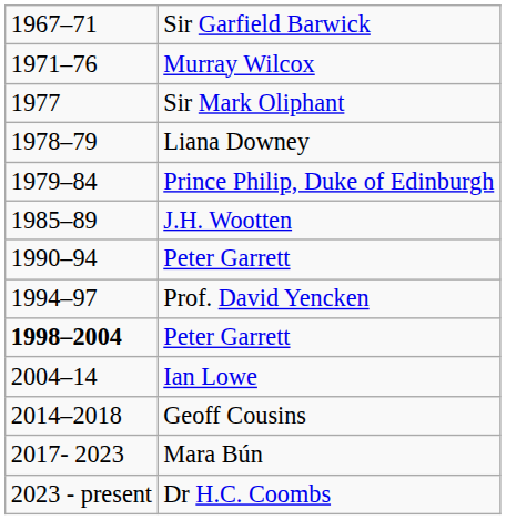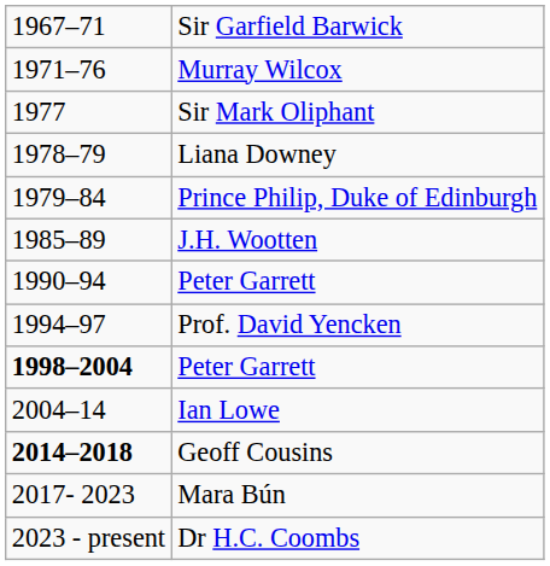 <table class="wikitable">
 <tr>
 <td>1967–71</td>
 <td>Sir <a href='#'>Garfield Barwick</a></td>
 </tr>
 <tr>
 <td>1971–76</td>
 <td><a href='#'>Murray Wilcox</a></td>
 </tr>
 <tr>
 <td>1977</td>
 <td>Sir <a href='#'>Mark Oliphant</a></td>
 </tr>
 <tr>
 <td>1978–79</td>
 <td>Liana Downey</td>
 </tr>
 <tr>
 <td>1979–84</td>
 <td><a href='#'>Prince Philip, Duke of Edinburgh</a></td>
 </tr>
 <tr>
 <td>1985–89</td>
 <td><a href='#'>J.H. Wootten</a></td>
 </tr>
 <tr>
 <td>1990–94</td>
 <td><a href='#'>Peter Garrett</a></td>
 </tr>
 <tr>
 <td>1994–97</td>
 <td>Prof. <a href='#'>David Yencken</a></td>
 </tr>
 <tr>
 <td><strong>1998–2004</strong></td>
 <td><a href='#'>Peter Garrett</a></td>
 </tr>
 <tr>
 <td>2004–14</td>
 <td><a href='#'>Ian Lowe</a></td>
 </tr>
 <tr>
-<td>2014–2018</td>
+<td><strong>2014–2018</strong></td>
 <td>Geoff Cousins</td>
 </tr>
 <tr>
 <td>2017- 2023</td>
 <td>Mara Bún</td>
 </tr>
 <tr>
 <td>2023 - present</td>
 <td>Dr <a href='#'>H.C. Coombs</a></td>
 </tr>
 </table>
